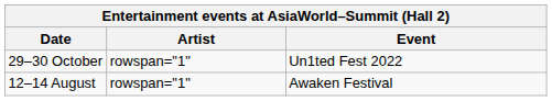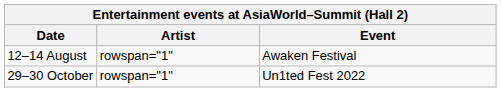 <table class="wikitable">
 <tr>
 <th colspan="3">Entertainment events at AsiaWorld–Summit (Hall 2)</th>
 </tr>
 <tr>
 <th width=110>Date</th>
 <th width=200>Artist</th>
 <th width=300>Event</th>
 </tr>
 <tr>
+<td>12–14 August</td>
+<td>rowspan="1" </td>
+<td>Awaken Festival</td>
+</tr>
+<tr>
 <td>29–30 October</td>
 <td>rowspan="1" </td>
 <td>Un1ted Fest 2022</td>
 </tr>
-<tr>
-<td>12–14 August</td>
-<td>rowspan="1" </td>
-<td>Awaken Festival</td>
-</tr>
 </table>
